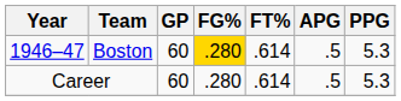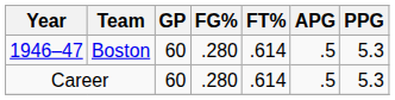 <table class="wikitable sortable" style="font-size:95%; text-align:right;">
 <tr>
 <th>Year</th>
 <th>Team</th>
 <th>GP</th>
 <th>FG%</th>
 <th>FT%</th>
 <th>APG</th>
 <th>PPG</th>
 </tr>
 <tr>
 <td style="text-align:left;"><a href='#'>1946–47</a></td>
 <td style="text-align:left;"><a href='#'>Boston</a></td>
 <td>60</td>
-<td style="background: gold;">.280</td>
+<td>.280</td>
 <td>.614</td>
 <td>.5</td>
 <td>5.3</td>
 </tr>
 <tr>
 <td style="text-align:center;" colspan="2">Career</td>
 <td>60</td>
 <td>.280</td>
 <td>.614</td>
 <td>.5</td>
 <td>5.3</td>
 </tr>
 <tr>
 </tr>
 </table>
